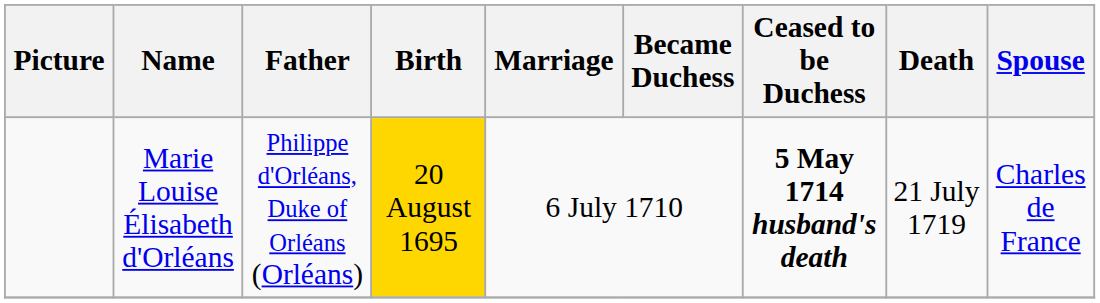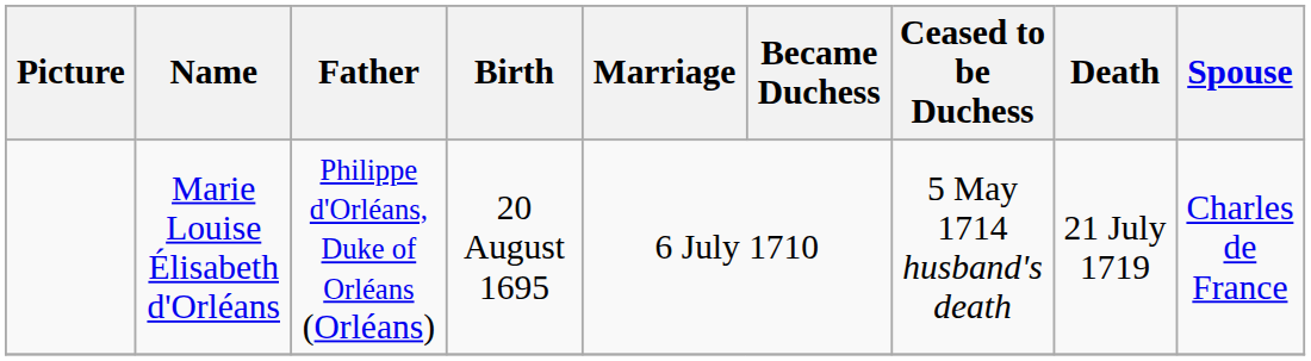 <table width=95% class="wikitable">
 <tr>
 <th width = "8%">Picture</th>
 <th width = "10%">Name</th>
 <th width = "9%">Father</th>
 <th width = "10%">Birth</th>
 <th width = "9%">Marriage</th>
 <th width = "9%">Became Duchess</th>
 <th width = "9%">Ceased to be Duchess</th>
 <th width = "9%">Death</th>
 <th width = "6%"><a href='#'>Spouse</a></th>
 </tr>
 <tr>
 <td align="center"></td>
 <td align="center"><a href='#'>Marie Louise Élisabeth d'Orléans</a></td>
 <td align="center"><small><a href='#'>Philippe d'Orléans, Duke of Orléans</a></small><br>(<a href='#'>Orléans</a>)</td>
-<td align="center" style="background: gold;">20 August 1695</td>
+<td align="center">20 August 1695</td>
 <td align="center" colspan="2">6 July 1710</td>
-<td align="center"><strong>5 May 1714<br><em>husband's death</em></strong></td>
+<td align="center">5 May 1714<br><em>husband's death</em></td>
 <td align="center">21 July 1719</td>
 <td align="center"><a href='#'>Charles de France</a></td>
 </tr>
 <tr>
 </tr>
 </table>
